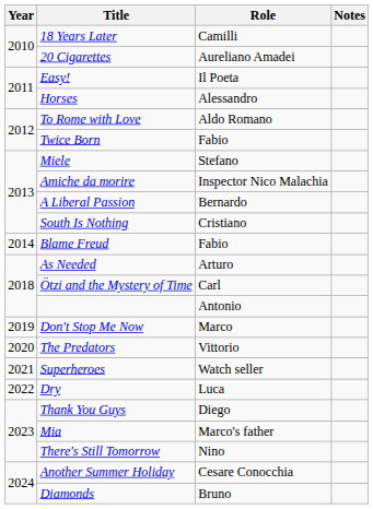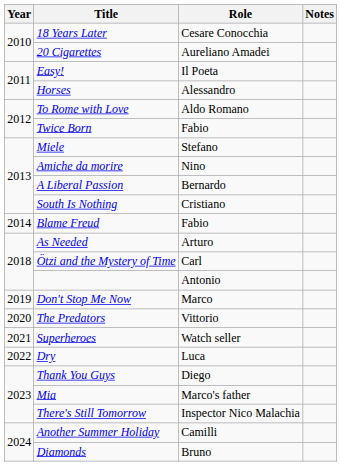 <table class="wikitable sortable">
 <tr>
 <th>Year</th>
 <th>Title</th>
 <th>Role</th>
 <th class="unsortable">Notes</th>
 </tr>
 <tr>
 <td rowspan="2">2010</td>
 <td><em><a href='#'>18 Years Later</a></em></td>
-<td>Camilli</td>
+<td>Cesare Conocchia</td>
 <td></td>
 </tr>
 <tr>
 <td><em><a href='#'>20 Cigarettes</a></em></td>
 <td>Aureliano Amadei</td>
 <td></td>
 </tr>
 <tr>
 <td rowspan="2">2011</td>
 <td><em><a href='#'>Easy!</a></em></td>
 <td>Il Poeta</td>
 <td></td>
 </tr>
 <tr>
 <td><em><a href='#'>Horses</a></em></td>
 <td>Alessandro</td>
 <td></td>
 </tr>
 <tr>
 <td rowspan="2">2012</td>
 <td><em><a href='#'>To Rome with Love</a></em></td>
 <td>Aldo Romano</td>
 <td></td>
 </tr>
 <tr>
 <td><em><a href='#'>Twice Born</a></em></td>
 <td>Fabio</td>
 <td></td>
 </tr>
 <tr>
 <td rowspan="4">2013</td>
 <td><em><a href='#'>Miele</a></em></td>
 <td>Stefano</td>
 <td></td>
 </tr>
 <tr>
 <td><em><a href='#'>Amiche da morire</a></em></td>
-<td>Inspector Nico Malachia</td>
+<td>Nino</td>
 <td></td>
 </tr>
 <tr>
 <td><em><a href='#'>A Liberal Passion</a></em></td>
 <td>Bernardo</td>
 <td></td>
 </tr>
 <tr>
 <td><em><a href='#'>South Is Nothing</a></em></td>
 <td>Cristiano</td>
 <td></td>
 </tr>
 <tr>
 <td>2014</td>
 <td><em><a href='#'>Blame Freud</a></em></td>
 <td>Fabio</td>
 <td></td>
 </tr>
 <tr>
 <td rowspan="3">2018</td>
 <td><em><a href='#'>As Needed</a></em></td>
 <td>Arturo</td>
 <td></td>
 </tr>
 <tr>
 <td><em><a href='#'>Ötzi and the Mystery of Time</a></em></td>
 <td>Carl</td>
 <td></td>
 </tr>
 <tr>
 <td><em></em></td>
 <td>Antonio</td>
 <td></td>
 </tr>
 <tr>
 <td>2019</td>
 <td><em><a href='#'>Don't Stop Me Now</a></em></td>
 <td>Marco</td>
 <td></td>
 </tr>
 <tr>
 <td>2020</td>
 <td><em><a href='#'>The Predators</a></em></td>
 <td>Vittorio</td>
 <td></td>
 </tr>
 <tr>
 <td>2021</td>
 <td><em><a href='#'>Superheroes</a></em></td>
 <td>Watch seller</td>
 <td></td>
 </tr>
 <tr>
 <td>2022</td>
 <td><em><a href='#'>Dry</a></em></td>
 <td>Luca</td>
 <td></td>
 </tr>
 <tr>
 <td rowspan="3">2023</td>
 <td><em><a href='#'>Thank You Guys</a></em></td>
 <td>Diego</td>
 <td></td>
 </tr>
 <tr>
 <td><em><a href='#'>Mia</a></em></td>
 <td>Marco's father</td>
 <td></td>
 </tr>
 <tr>
 <td><em><a href='#'>There's Still Tomorrow</a></em></td>
-<td>Nino</td>
+<td>Inspector Nico Malachia</td>
 <td></td>
 </tr>
 <tr>
 <td rowspan="2">2024</td>
 <td><em><a href='#'>Another Summer Holiday</a></em></td>
-<td>Cesare Conocchia</td>
+<td>Camilli</td>
 </tr>
 <tr>
 <td><em><a href='#'>Diamonds</a></em></td>
 <td>Bruno</td>
 <td></td>
 </tr>
 </table>
